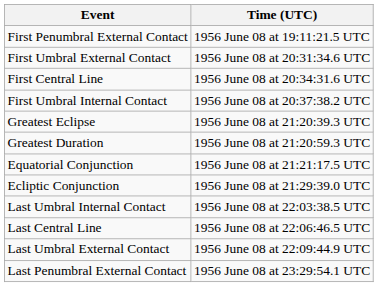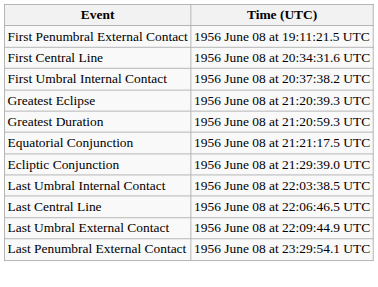 <table class="wikitable">
 <tr>
 <th>Event</th>
 <th>Time (UTC)</th>
 </tr>
 <tr>
 <td>First Penumbral External Contact</td>
 <td>1956 June 08 at 19:11:21.5 UTC</td>
-</tr>
-<tr>
-<td>First Umbral External Contact</td>
-<td>1956 June 08 at 20:31:34.6 UTC</td>
 </tr>
 <tr>
 <td>First Central Line</td>
 <td>1956 June 08 at 20:34:31.6 UTC</td>
 </tr>
 <tr>
 <td>First Umbral Internal Contact</td>
 <td>1956 June 08 at 20:37:38.2 UTC</td>
 </tr>
 <tr>
 <td>Greatest Eclipse</td>
 <td>1956 June 08 at 21:20:39.3 UTC</td>
 </tr>
 <tr>
 <td>Greatest Duration</td>
 <td>1956 June 08 at 21:20:59.3 UTC</td>
 </tr>
 <tr>
 <td>Equatorial Conjunction</td>
 <td>1956 June 08 at 21:21:17.5 UTC</td>
 </tr>
 <tr>
 <td>Ecliptic Conjunction</td>
 <td>1956 June 08 at 21:29:39.0 UTC</td>
 </tr>
 <tr>
 <td>Last Umbral Internal Contact</td>
 <td>1956 June 08 at 22:03:38.5 UTC</td>
 </tr>
 <tr>
 <td>Last Central Line</td>
 <td>1956 June 08 at 22:06:46.5 UTC</td>
 </tr>
 <tr>
 <td>Last Umbral External Contact</td>
 <td>1956 June 08 at 22:09:44.9 UTC</td>
 </tr>
 <tr>
 <td>Last Penumbral External Contact</td>
 <td>1956 June 08 at 23:29:54.1 UTC</td>
 </tr>
 </table>
